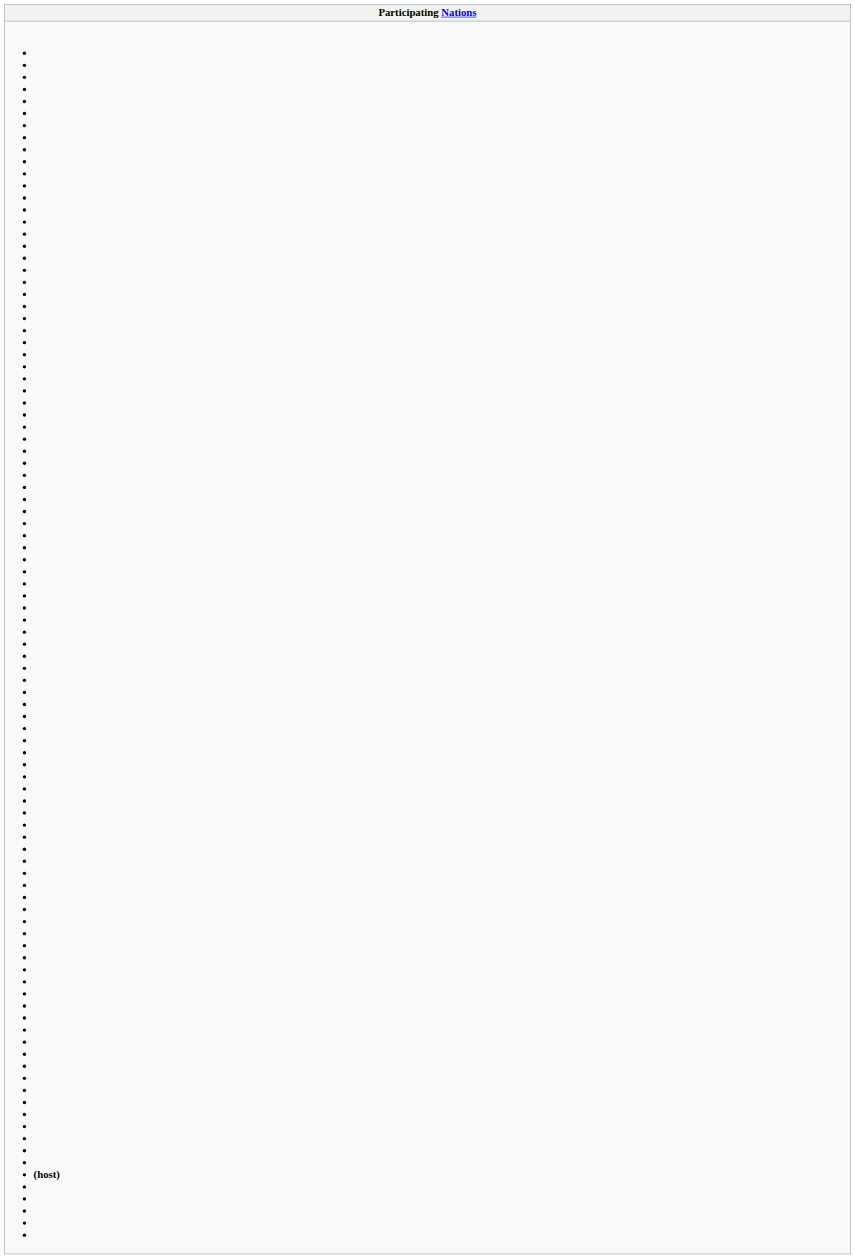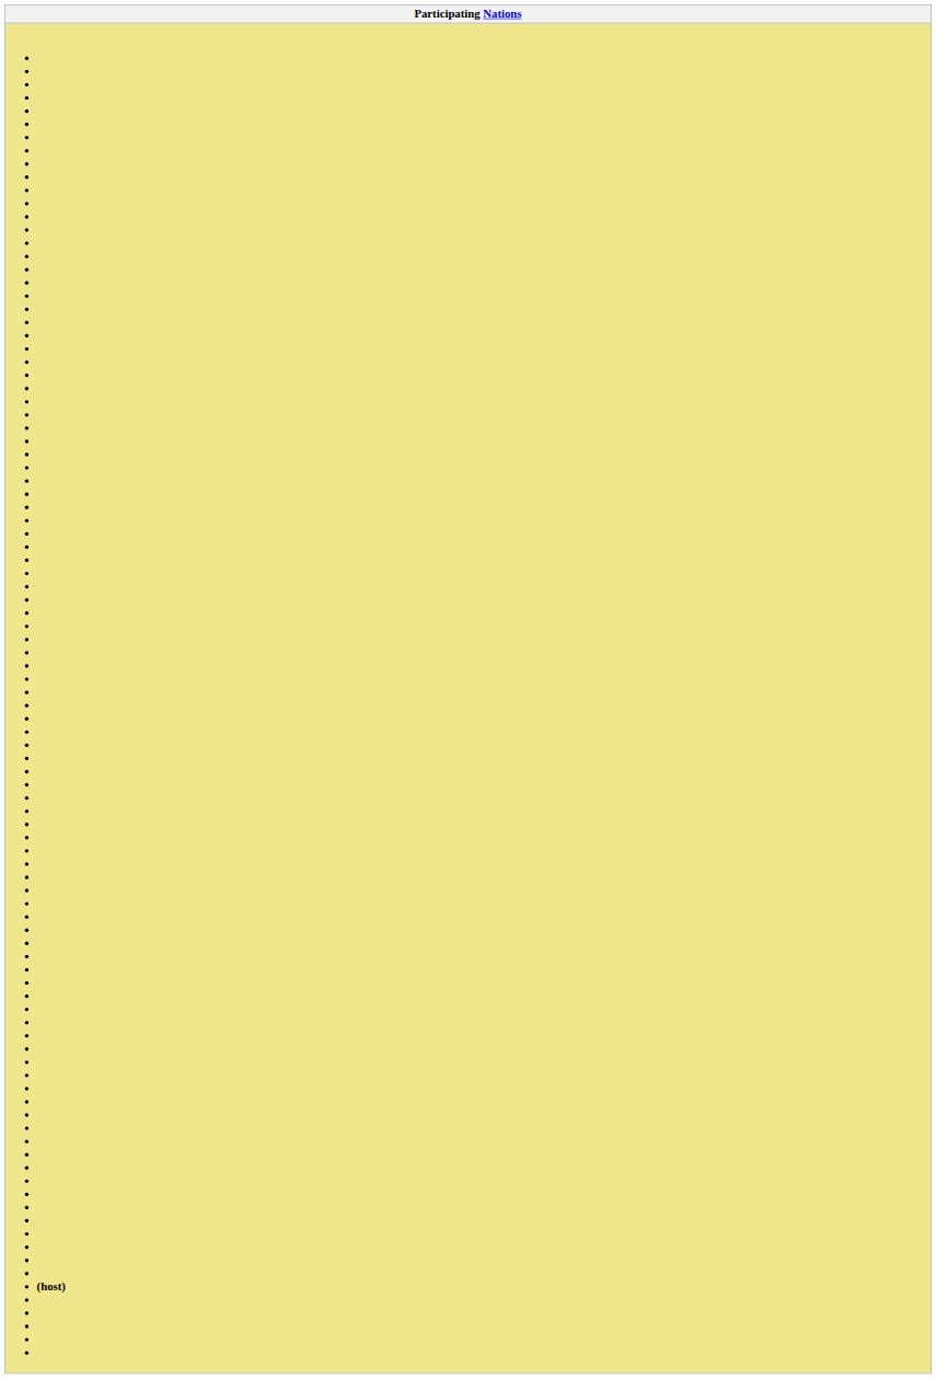 <table class="wikitable collapsible" style="margin:1em auto; width:100%;">
 <tr>
 <th>Participating <a href='#'>Nations</a></th>
 </tr>
 <tr>
-<td><br><ul><li></li><li></li><li></li><li></li><li></li><li></li><li></li><li></li><li></li><li></li><li></li><li></li><li></li><li></li><li></li><li></li><li></li><li></li><li></li><li></li><li></li><li></li><li></li><li></li><li></li><li></li><li></li><li></li><li></li><li></li><li></li><li></li><li></li><li></li><li></li><li></li><li></li><li></li><li></li><li></li><li></li><li></li><li></li><li></li><li></li><li></li><li></li><li></li><li></li><li></li><li></li><li></li><li></li><li></li><li></li><li></li><li></li><li></li><li></li><li></li><li></li><li></li><li></li><li></li><li></li><li></li><li></li><li></li><li></li><li></li><li></li><li></li><li></li><li></li><li></li><li></li><li></li><li></li><li></li><li></li><li></li><li></li><li></li><li></li><li></li><li></li><li></li><li></li><li></li><li></li><li></li><li></li><li></li><li> <strong>(host)</strong></li><li></li><li></li><li></li><li></li><li></li></ul></td>
+<td style="background: khaki;"><br><ul><li></li><li></li><li></li><li></li><li></li><li></li><li></li><li></li><li></li><li></li><li></li><li></li><li></li><li></li><li></li><li></li><li></li><li></li><li></li><li></li><li></li><li></li><li></li><li></li><li></li><li></li><li></li><li></li><li></li><li></li><li></li><li></li><li></li><li></li><li></li><li></li><li></li><li></li><li></li><li></li><li></li><li></li><li></li><li></li><li></li><li></li><li></li><li></li><li></li><li></li><li></li><li></li><li></li><li></li><li></li><li></li><li></li><li></li><li></li><li></li><li></li><li></li><li></li><li></li><li></li><li></li><li></li><li></li><li></li><li></li><li></li><li></li><li></li><li></li><li></li><li></li><li></li><li></li><li></li><li></li><li></li><li></li><li></li><li></li><li></li><li></li><li></li><li></li><li></li><li></li><li></li><li></li><li></li><li> <strong>(host)</strong></li><li></li><li></li><li></li><li></li><li></li></ul></td>
 </tr>
 </table>
